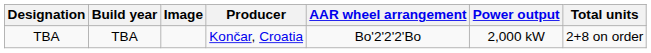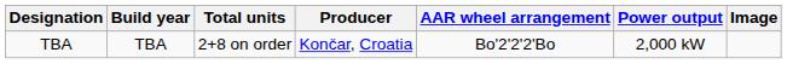 <table class="wikitable sortable" style="text-align:center;">
 <tr>
 <th>Designation</th>
 <th>Build year</th>
-<th class="unsortable">Image</th>
+<th>Total units</th>
 <th>Producer</th>
 <th><a href='#'>AAR wheel arrangement</a></th>
 <th><a href='#'>Power output</a></th>
-<th>Total units</th>
+<th class="unsortable">Image</th>
 </tr>
 <tr>
 <td>TBA</td>
 <td>TBA</td>
-<td></td>
+<td>2+8 on order</td>
 <td><a href='#'>Končar</a>, <a href='#'>Croatia</a></td>
 <td>Bo'2'2'2'Bo</td>
 <td>2,000 kW</td>
-<td>2+8 on order</td>
+<td></td>
 </tr>
 </table>
